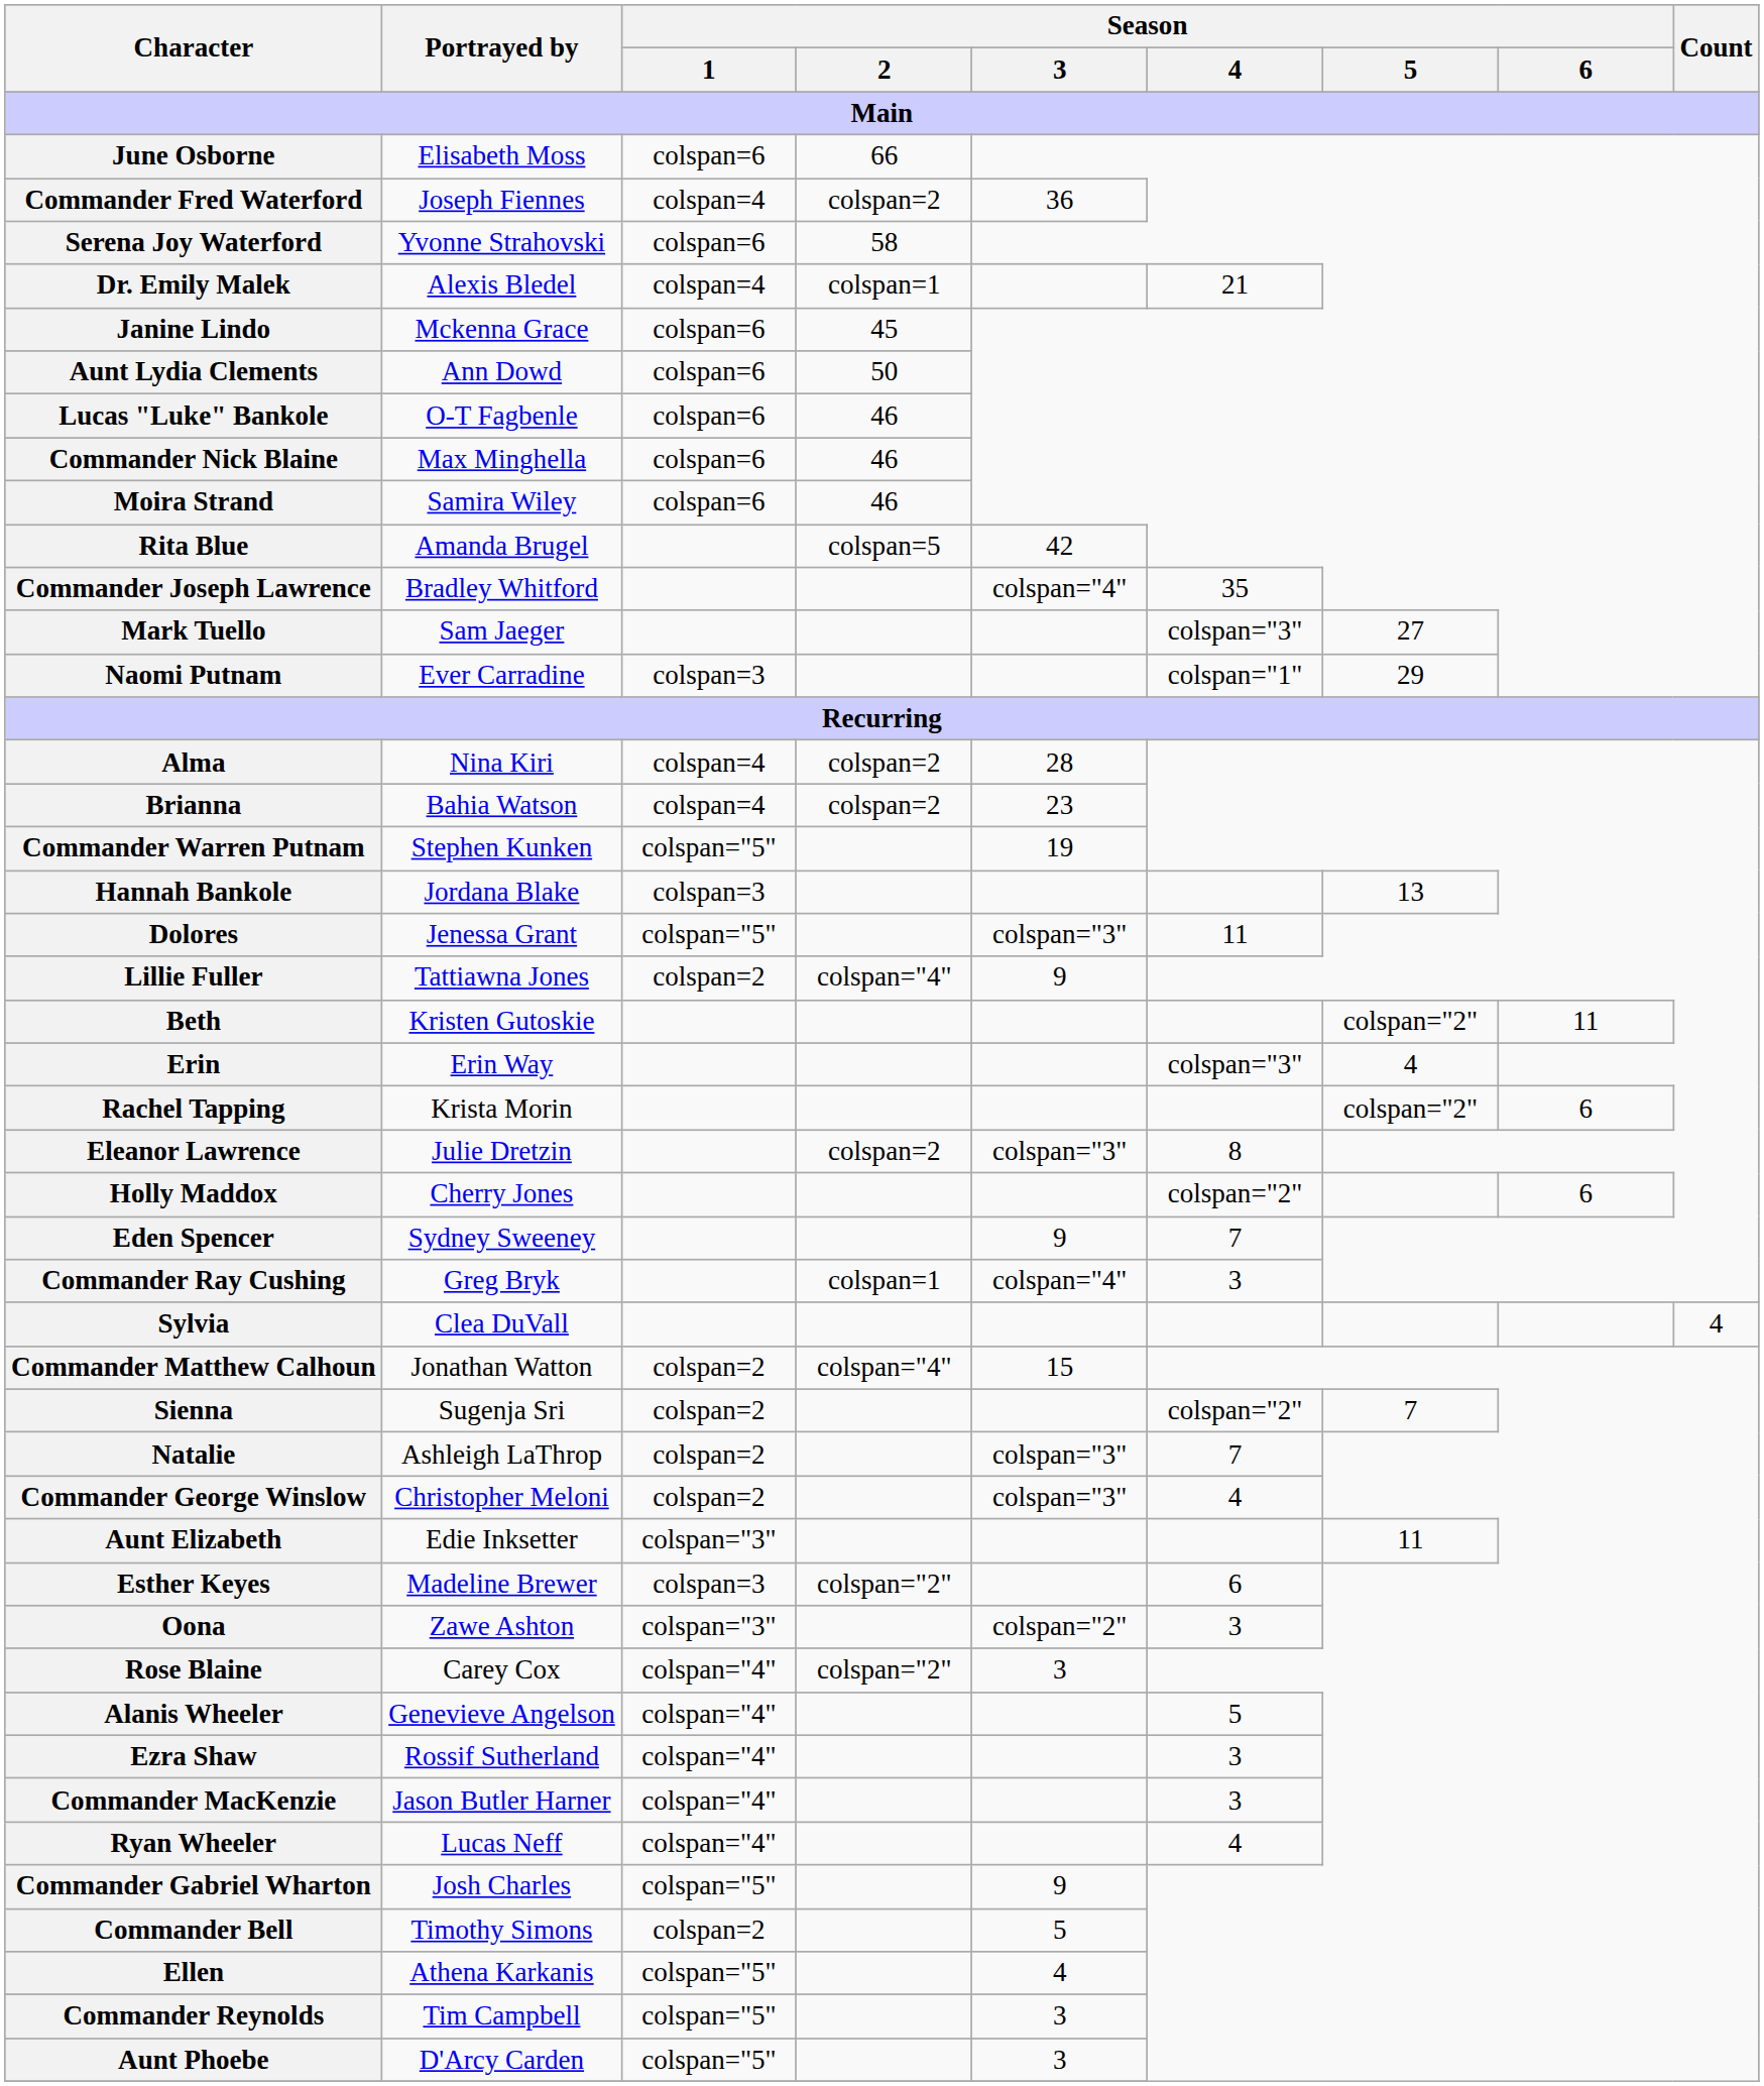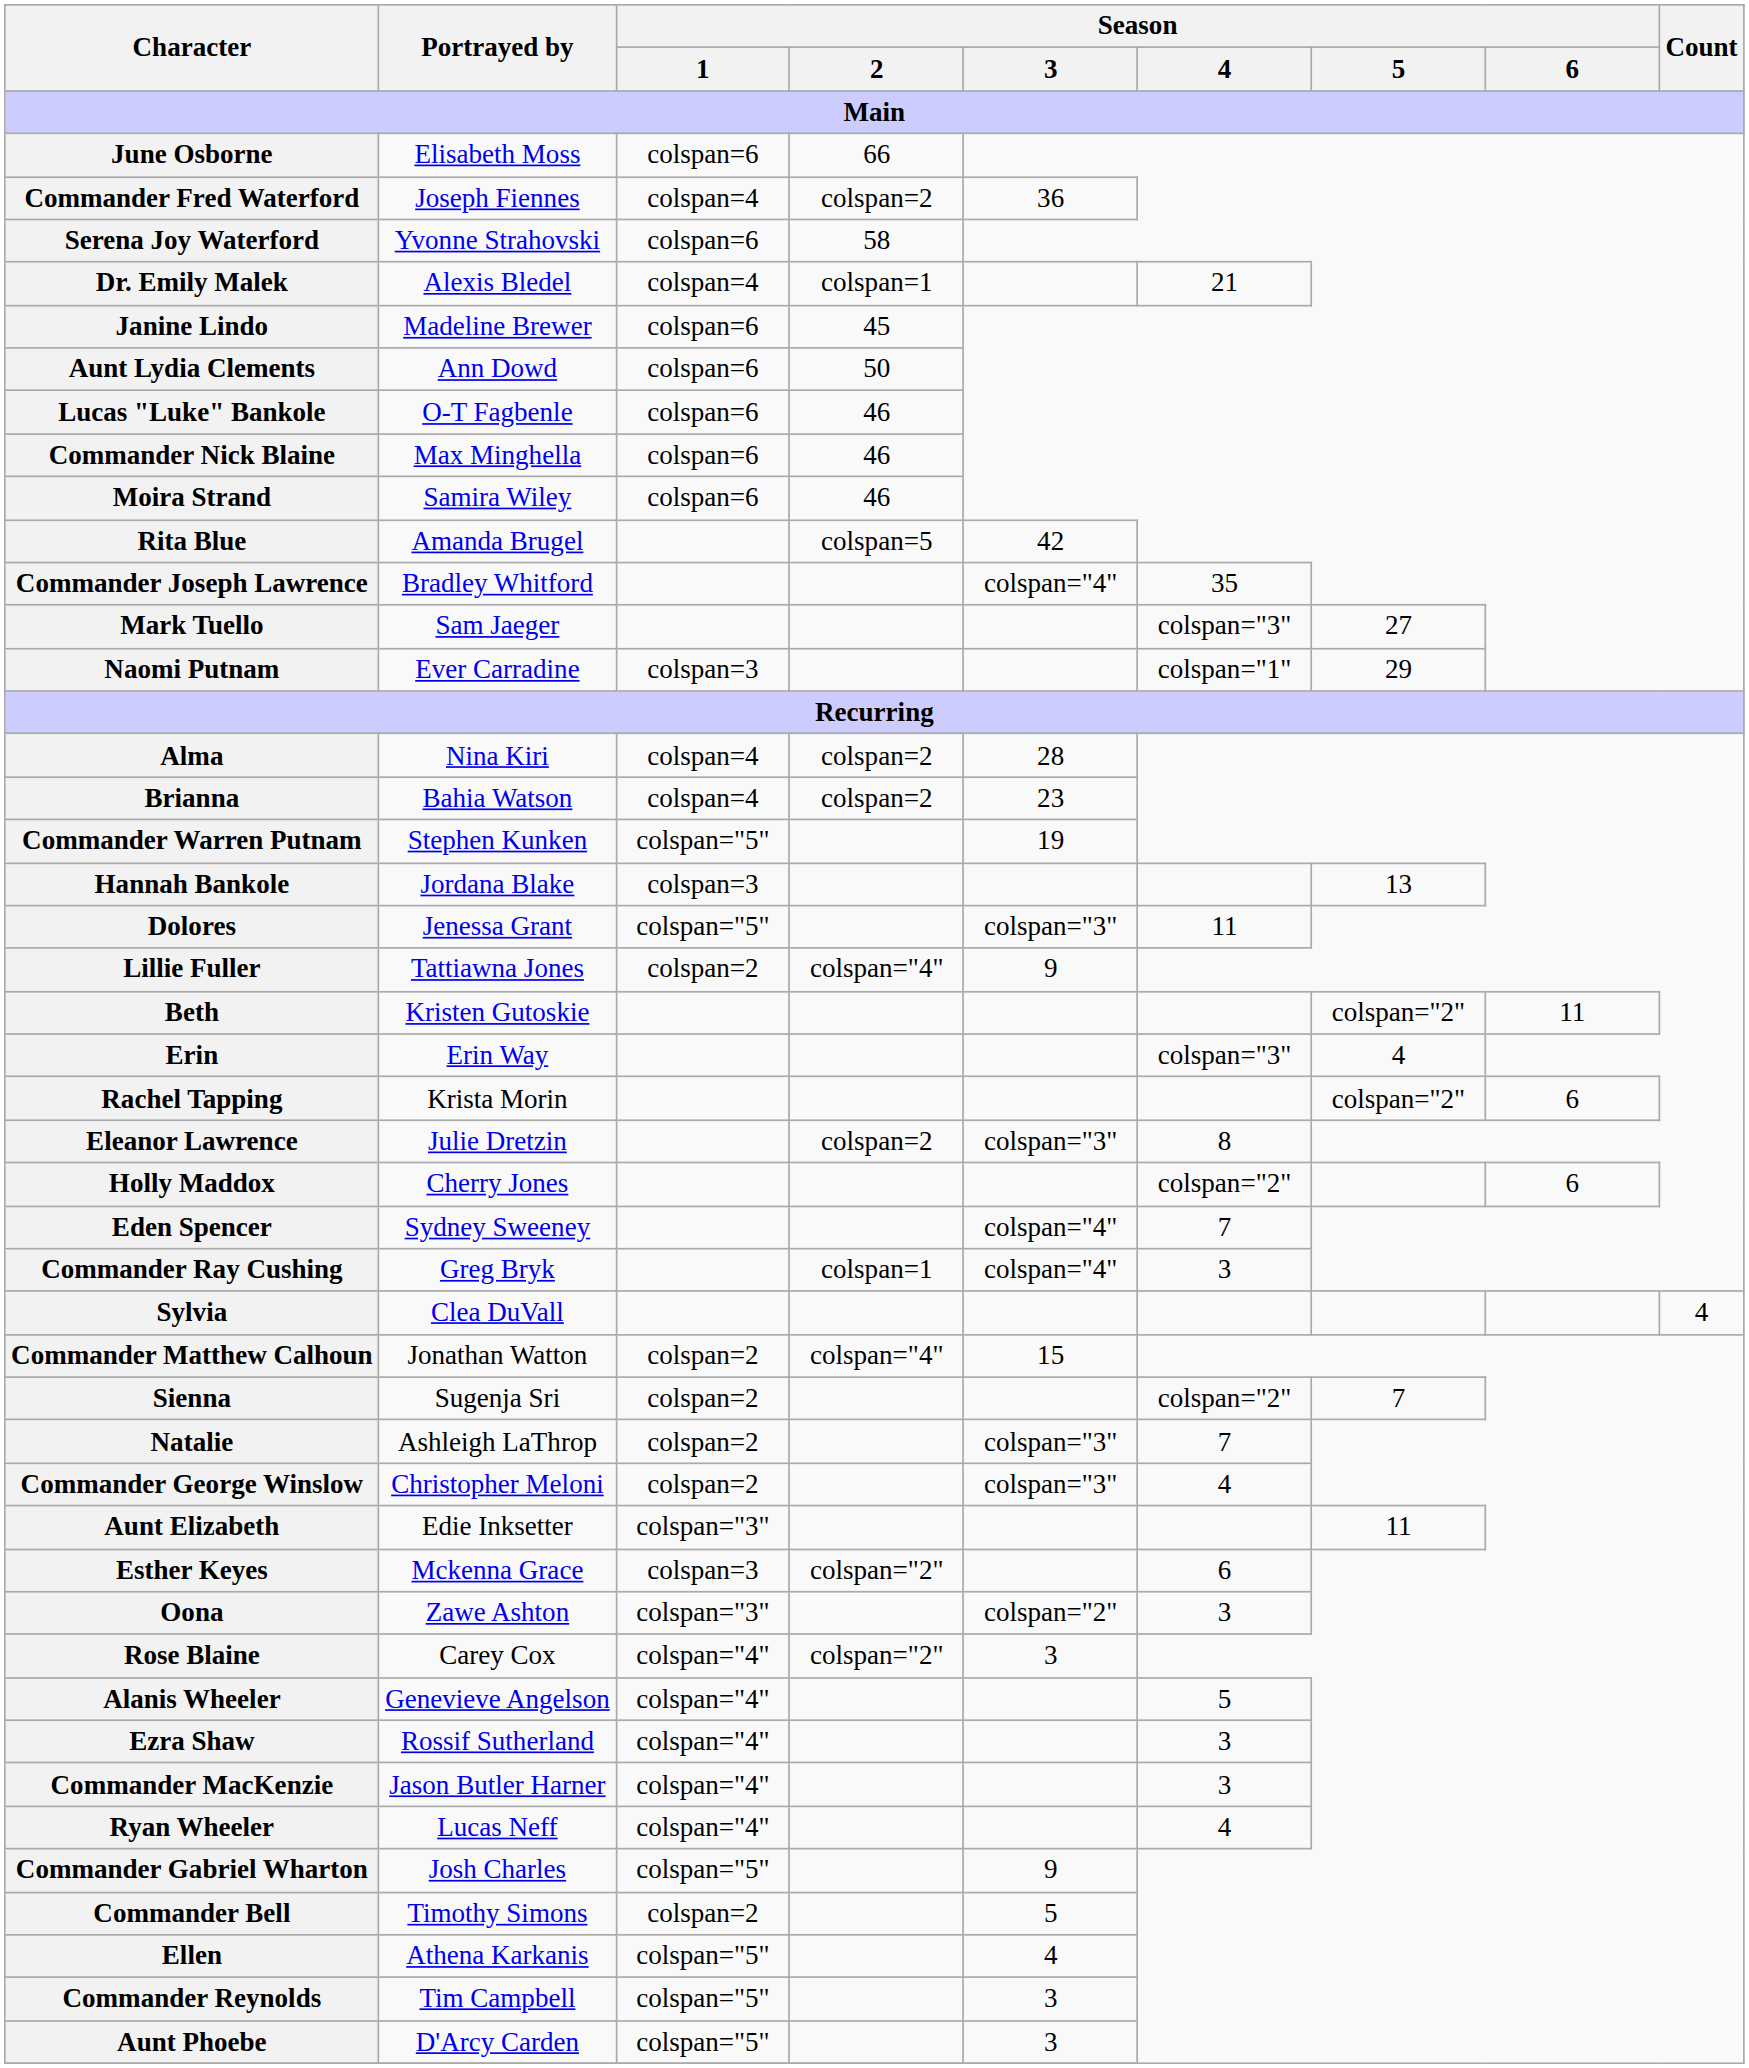 <table class="wikitable plainrowheaders" style="text-align:center; width:auto">
 <tr>
 <th scope="col" rowspan="2">Character</th>
 <th scope="col" rowspan="2">Portrayed by</th>
 <th scope="col" colspan="6">Season</th>
 <th scope="col" rowspan="2">Count</th>
 </tr>
 <tr>
 <th scope="col" style="width:10%;">1</th>
 <th scope="col" style="width:10%;">2</th>
 <th scope="col" style="width:10%;">3</th>
 <th scope="col" style="width:10%;">4</th>
 <th scope="col" style="width:10%;">5</th>
 <th scope="col" style="width:10%;">6</th>
 </tr>
 <tr>
 <th colspan="9" style="background-color:#ccccff;">Main</th>
 </tr>
 <tr>
 <th scope="row">June Osborne</th>
 <td><a href='#'>Elisabeth Moss</a></td>
 <td>colspan=6 </td>
 <td>66</td>
 </tr>
 <tr>
 <th scope="row">Commander Fred Waterford</th>
 <td><a href='#'>Joseph Fiennes</a></td>
 <td>colspan=4 </td>
 <td>colspan=2 </td>
 <td>36</td>
 </tr>
 <tr>
 <th scope="row">Serena Joy Waterford</th>
 <td><a href='#'>Yvonne Strahovski</a></td>
 <td>colspan=6 </td>
 <td>58</td>
 </tr>
 <tr>
 <th scope="row">Dr. Emily Malek</th>
 <td><a href='#'>Alexis Bledel</a></td>
 <td>colspan=4 </td>
 <td>colspan=1 </td>
 <td></td>
 <td>21</td>
 </tr>
 <tr>
 <th scope="row">Janine Lindo</th>
-<td><a href='#'>Mckenna Grace</a></td>
+<td><a href='#'>Madeline Brewer</a></td>
 <td>colspan=6 </td>
 <td>45</td>
 </tr>
 <tr>
 <th scope="row">Aunt Lydia Clements</th>
 <td><a href='#'>Ann Dowd</a></td>
 <td>colspan=6 </td>
 <td>50</td>
 </tr>
 <tr>
 <th scope="row">Lucas "Luke" Bankole</th>
 <td><a href='#'>O-T Fagbenle</a></td>
 <td>colspan=6 </td>
 <td>46</td>
 </tr>
 <tr>
 <th scope="row">Commander Nick Blaine</th>
 <td><a href='#'>Max Minghella</a></td>
 <td>colspan=6 </td>
 <td>46</td>
 </tr>
 <tr>
 <th scope="row">Moira Strand</th>
 <td><a href='#'>Samira Wiley</a></td>
 <td>colspan=6 </td>
 <td>46</td>
 </tr>
 <tr>
 <th scope="row">Rita Blue</th>
 <td><a href='#'>Amanda Brugel</a></td>
 <td></td>
 <td>colspan=5 </td>
 <td>42</td>
 </tr>
 <tr>
 <th scope=row>Commander Joseph Lawrence</th>
 <td><a href='#'>Bradley Whitford</a></td>
 <td></td>
 <td></td>
 <td>colspan="4" </td>
 <td>35</td>
 </tr>
 <tr>
 <th scope=row>Mark Tuello</th>
 <td><a href='#'>Sam Jaeger</a></td>
 <td></td>
 <td></td>
 <td></td>
 <td>colspan="3" </td>
 <td>27</td>
 </tr>
 <tr>
 <th scope="row">Naomi Putnam</th>
 <td><a href='#'>Ever Carradine</a></td>
 <td>colspan=3 </td>
 <td></td>
 <td></td>
 <td>colspan="1" </td>
 <td>29</td>
 </tr>
 <tr>
 <th colspan="9" style="background-color:#ccccff;">Recurring</th>
 </tr>
 <tr>
 <th scope=row>Alma</th>
 <td><a href='#'>Nina Kiri</a></td>
 <td>colspan=4 </td>
 <td>colspan=2 </td>
 <td>28</td>
 </tr>
 <tr>
 <th scope=row>Brianna</th>
 <td><a href='#'>Bahia Watson</a></td>
 <td>colspan=4 </td>
 <td>colspan=2 </td>
 <td>23</td>
 </tr>
 <tr>
 <th scope=row>Commander Warren Putnam</th>
 <td><a href='#'>Stephen Kunken</a></td>
 <td>colspan="5" </td>
 <td></td>
 <td>19</td>
 </tr>
 <tr>
 <th scope=row>Hannah Bankole</th>
 <td><a href='#'>Jordana Blake</a></td>
 <td>colspan=3 </td>
 <td></td>
 <td></td>
 <td></td>
 <td>13</td>
 </tr>
 <tr>
 <th scope=row>Dolores</th>
 <td><a href='#'>Jenessa Grant</a></td>
 <td>colspan="5" </td>
 <td></td>
 <td>colspan="3" </td>
 <td>11</td>
 </tr>
 <tr>
 <th scope=row>Lillie Fuller</th>
 <td><a href='#'>Tattiawna Jones</a></td>
 <td>colspan=2 </td>
 <td>colspan="4" </td>
 <td>9</td>
 </tr>
 <tr>
 <th scope="row">Beth</th>
 <td><a href='#'>Kristen Gutoskie</a></td>
 <td></td>
 <td></td>
 <td></td>
 <td></td>
 <td>colspan="2" </td>
 <td>11</td>
 </tr>
 <tr>
 <th scope="row">Erin</th>
 <td><a href='#'>Erin Way</a></td>
 <td></td>
 <td></td>
 <td></td>
 <td>colspan="3" </td>
 <td>4</td>
 </tr>
 <tr>
 <th scope="row">Rachel Tapping</th>
 <td>Krista Morin</td>
 <td></td>
 <td></td>
 <td></td>
 <td></td>
 <td>colspan="2" </td>
 <td>6</td>
 </tr>
 <tr>
 <th scope=row>Eleanor Lawrence</th>
 <td><a href='#'>Julie Dretzin</a></td>
 <td></td>
 <td>colspan=2 </td>
 <td>colspan="3" </td>
 <td>8</td>
 </tr>
 <tr>
 <th scope=row>Holly Maddox</th>
 <td><a href='#'>Cherry Jones</a></td>
 <td></td>
 <td></td>
 <td></td>
 <td>colspan="2" </td>
 <td></td>
 <td>6</td>
 </tr>
 <tr>
 <th scope=row>Eden Spencer</th>
 <td><a href='#'>Sydney Sweeney</a></td>
 <td></td>
 <td></td>
-<td>9</td>
+<td>colspan="4" </td>
 <td>7</td>
 </tr>
 <tr>
 <th scope=row>Commander Ray Cushing</th>
 <td><a href='#'>Greg Bryk</a></td>
 <td></td>
 <td>colspan=1 </td>
 <td>colspan="4" </td>
 <td>3</td>
 </tr>
 <tr>
 <th scope=row>Sylvia</th>
 <td><a href='#'>Clea DuVall</a></td>
 <td></td>
 <td></td>
 <td></td>
 <td></td>
 <td></td>
 <td></td>
 <td>4</td>
 </tr>
 <tr>
 <th scope=row>Commander Matthew Calhoun</th>
 <td>Jonathan Watton</td>
 <td>colspan=2 </td>
 <td>colspan="4" </td>
 <td>15</td>
 </tr>
 <tr>
 <th scope=row>Sienna</th>
 <td>Sugenja Sri</td>
 <td>colspan=2 </td>
 <td></td>
 <td></td>
 <td>colspan="2" </td>
 <td>7</td>
 </tr>
 <tr>
 <th scope=row>Natalie</th>
 <td>Ashleigh LaThrop</td>
 <td>colspan=2 </td>
 <td></td>
 <td>colspan="3" </td>
 <td>7</td>
 </tr>
 <tr>
 <th scope=row>Commander George Winslow</th>
 <td><a href='#'>Christopher Meloni</a></td>
 <td>colspan=2 </td>
 <td></td>
 <td>colspan="3" </td>
 <td>4</td>
 </tr>
 <tr>
 <th scope=row>Aunt Elizabeth</th>
 <td>Edie Inksetter</td>
 <td>colspan="3" </td>
 <td></td>
 <td></td>
 <td></td>
 <td>11</td>
 </tr>
 <tr>
 <th scope=row>Esther Keyes</th>
-<td><a href='#'>Madeline Brewer</a></td>
+<td><a href='#'>Mckenna Grace</a></td>
 <td>colspan=3 </td>
 <td>colspan="2" </td>
 <td></td>
 <td>6</td>
 </tr>
 <tr>
 <th scope=row>Oona</th>
 <td><a href='#'>Zawe Ashton</a></td>
 <td>colspan="3" </td>
 <td></td>
 <td>colspan="2" </td>
 <td>3</td>
 </tr>
 <tr>
 <th scope=row>Rose Blaine</th>
 <td>Carey Cox</td>
 <td>colspan="4" </td>
 <td>colspan="2" </td>
 <td>3</td>
 </tr>
 <tr>
 <th scope=row>Alanis Wheeler</th>
 <td><a href='#'>Genevieve Angelson</a></td>
 <td>colspan="4" </td>
 <td></td>
 <td></td>
 <td>5</td>
 </tr>
 <tr>
 <th scope=row>Ezra Shaw</th>
 <td><a href='#'>Rossif Sutherland</a></td>
 <td>colspan="4" </td>
 <td></td>
 <td></td>
 <td>3</td>
 </tr>
 <tr>
 <th scope=row>Commander MacKenzie</th>
 <td><a href='#'>Jason Butler Harner</a></td>
 <td>colspan="4" </td>
 <td></td>
 <td></td>
 <td>3</td>
 </tr>
 <tr>
 <th scope=row>Ryan Wheeler</th>
 <td><a href='#'>Lucas Neff</a></td>
 <td>colspan="4" </td>
 <td></td>
 <td></td>
 <td>4</td>
 </tr>
 <tr>
 <th scope=row>Commander Gabriel Wharton</th>
 <td><a href='#'>Josh Charles</a></td>
 <td>colspan="5" </td>
 <td></td>
 <td>9</td>
 </tr>
 <tr>
 <th scope=row>Commander Bell</th>
 <td><a href='#'>Timothy Simons</a></td>
 <td>colspan=2 </td>
 <td></td>
 <td>5</td>
 </tr>
 <tr>
 <th scope=row>Ellen</th>
 <td><a href='#'>Athena Karkanis</a></td>
 <td>colspan="5" </td>
 <td></td>
 <td>4</td>
 </tr>
 <tr>
 <th scope=row>Commander Reynolds</th>
 <td><a href='#'>Tim Campbell</a></td>
 <td>colspan="5" </td>
 <td></td>
 <td>3</td>
 </tr>
 <tr>
 <th scope=row>Aunt Phoebe</th>
 <td><a href='#'>D'Arcy Carden</a></td>
 <td>colspan="5" </td>
 <td></td>
 <td>3</td>
 </tr>
 <tr>
 </tr>
 </table>
